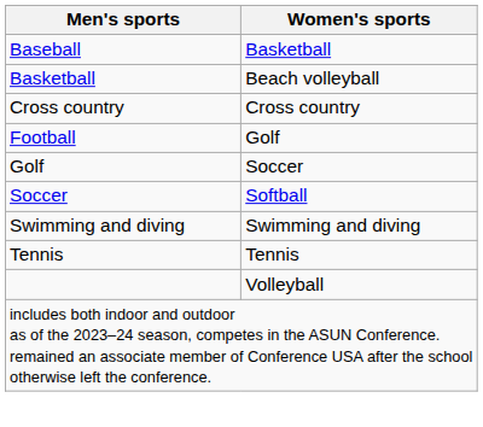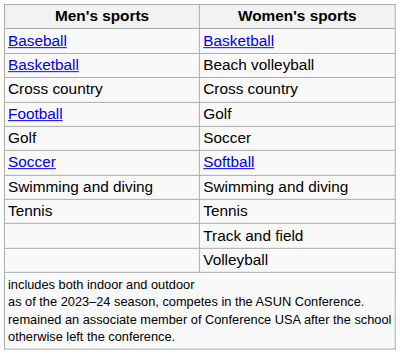 <table class="wikitable" style=" ">
 <tr>
 <th width=px>Men's sports</th>
 <th width=px>Women's sports</th>
 </tr>
 <tr>
 <td><a href='#'>Baseball</a></td>
 <td><a href='#'>Basketball</a></td>
 </tr>
 <tr>
 <td><a href='#'>Basketball</a></td>
 <td>Beach volleyball</td>
 </tr>
 <tr>
 <td>Cross country</td>
 <td>Cross country</td>
 </tr>
 <tr>
 <td><a href='#'>Football</a></td>
 <td>Golf</td>
 </tr>
 <tr>
 <td>Golf</td>
 <td>Soccer</td>
 </tr>
 <tr>
 <td><a href='#'>Soccer</a></td>
 <td><a href='#'>Softball</a></td>
 </tr>
 <tr>
 <td>Swimming and diving</td>
 <td>Swimming and diving</td>
 </tr>
 <tr>
 <td>Tennis</td>
 <td>Tennis</td>
 </tr>
 <tr>
 <td></td>
+<td>Track and field</td>
+</tr>
+<tr>
+<td></td>
 <td>Volleyball</td>
 </tr>
 <tr>
 <td colspan="2"><small>includes both indoor and outdoor<br> as of the 2023–24 season, competes in the ASUN Conference.<br> remained an associate member of Conference USA after the school <br>otherwise left the conference.</small></td>
 </tr>
 </table>
